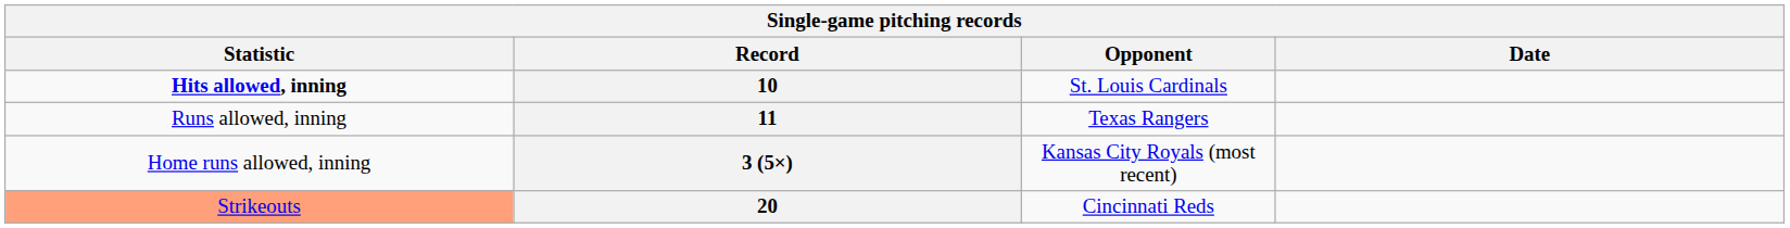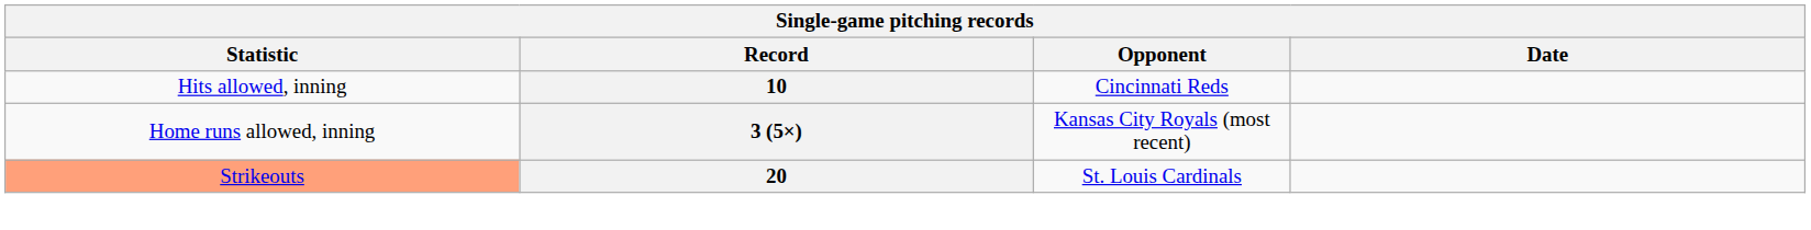 <table class="wikitable" style="text-align:center" width="70%">
 <tr>
 <th colspan=4>Single-game pitching records</th>
 </tr>
 <tr>
 <th scope="col" width=20%>Statistic</th>
 <th scope="col" class="unsortable" width=20%>Record</th>
 <th scope="col" width=10%>Opponent</th>
 <th scope="col" width=20%>Date</th>
 </tr>
 <tr>
-<td><strong><a href='#'>Hits allowed</a>, inning</strong></td>
+<td><a href='#'>Hits allowed</a>, inning</td>
 <th scope="row">10</th>
-<td><a href='#'>St. Louis Cardinals</a></td>
-<td></td>
-</tr>
-<tr>
-<td><a href='#'>Runs</a> allowed, inning</td>
-<th scope="row">11</th>
-<td><a href='#'>Texas Rangers</a></td>
+<td><a href='#'>Cincinnati Reds</a></td>
 <td></td>
 </tr>
 <tr>
 <td><a href='#'>Home runs</a> allowed, inning</td>
 <th scope="row">3 (5×)</th>
 <td><a href='#'>Kansas City Royals</a> (most recent)</td>
 <td></td>
 </tr>
 <tr>
 <td style="background: lightsalmon;"><a href='#'>Strikeouts</a></td>
 <th scope="row">20</th>
-<td><a href='#'>Cincinnati Reds</a></td>
+<td><a href='#'>St. Louis Cardinals</a></td>
 <td></td>
 </tr>
 </table>
